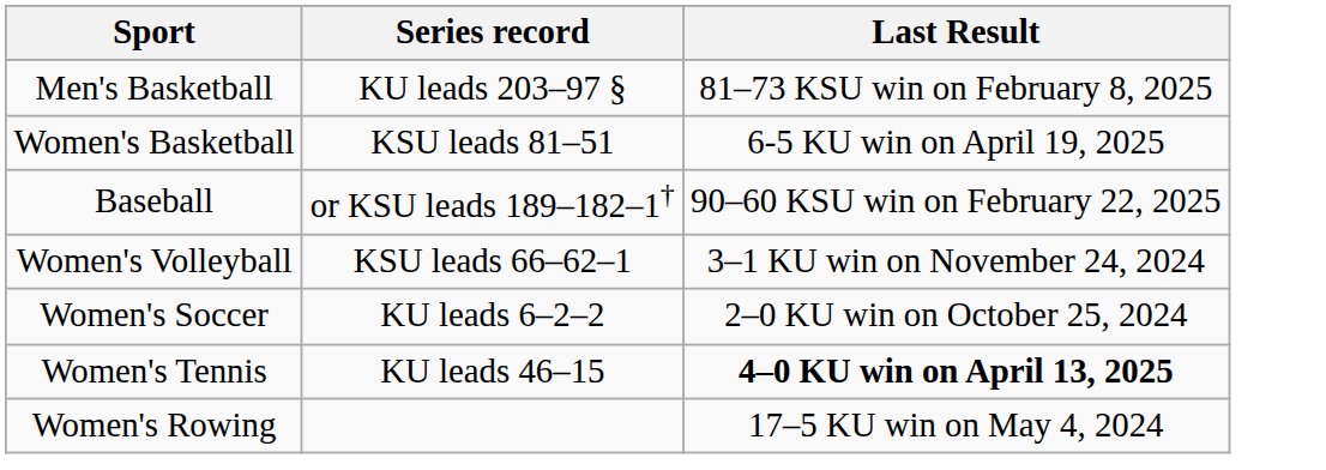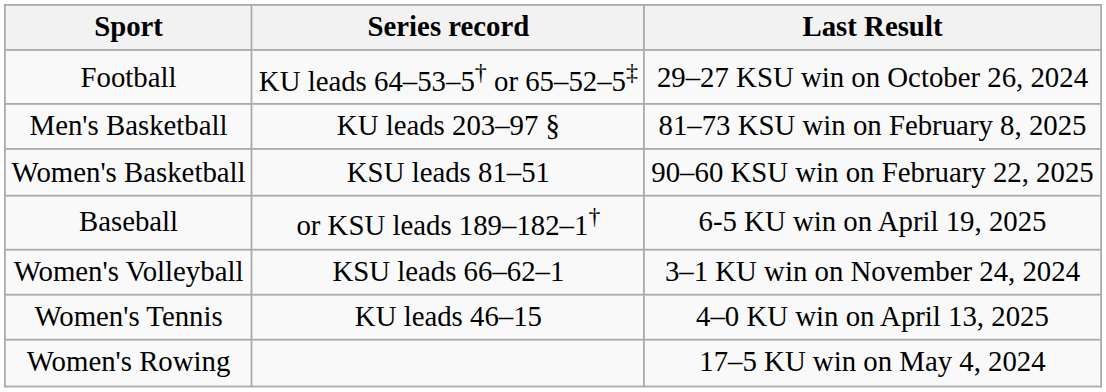 <table class="wikitable">
 <tr>
 <th>Sport</th>
 <th>Series record</th>
 <th>Last Result</th>
+</tr>
+<tr align=center>
+<td>Football</td>
+<td>KU leads 64–53–5<sup>†</sup> or 65–52–5<sup>‡</sup></td>
+<td>29–27 KSU win on October 26, 2024</td>
 </tr>
 <tr align=center>
 <td>Men's Basketball</td>
 <td>KU leads 203–97 §</td>
 <td>81–73 KSU win on February 8, 2025</td>
 </tr>
 <tr align=center>
 <td>Women's Basketball</td>
 <td>KSU leads 81–51</td>
-<td>6-5 KU win on April 19, 2025</td>
+<td>90–60 KSU win on February 22, 2025</td>
 </tr>
 <tr align=center>
 <td>Baseball</td>
 <td KU leads 198–187–1>or KSU leads 189–182–1<sup>†</sup></td>
-<td>90–60 KSU win on February 22, 2025</td>
+<td>6-5 KU win on April 19, 2025</td>
 </tr>
 <tr align=center>
 <td>Women's Volleyball</td>
 <td>KSU leads 66–62–1</td>
 <td>3–1 KU win on November 24, 2024</td>
 </tr>
 <tr align=center>
-<td>Women's Soccer</td>
-<td>KU leads 6–2–2</td>
-<td>2–0 KU win on October 25, 2024</td>
-</tr>
-<tr align=center>
 <td>Women's Tennis</td>
 <td>KU leads 46–15</td>
-<td><strong>4–0 KU win on April 13, 2025</strong></td>
+<td>4–0 KU win on April 13, 2025</td>
 </tr>
 <tr align=center>
 <td>Women's Rowing</td>
 <td></td>
 <td>17–5 KU win on May 4, 2024</td>
 </tr>
 </table>
